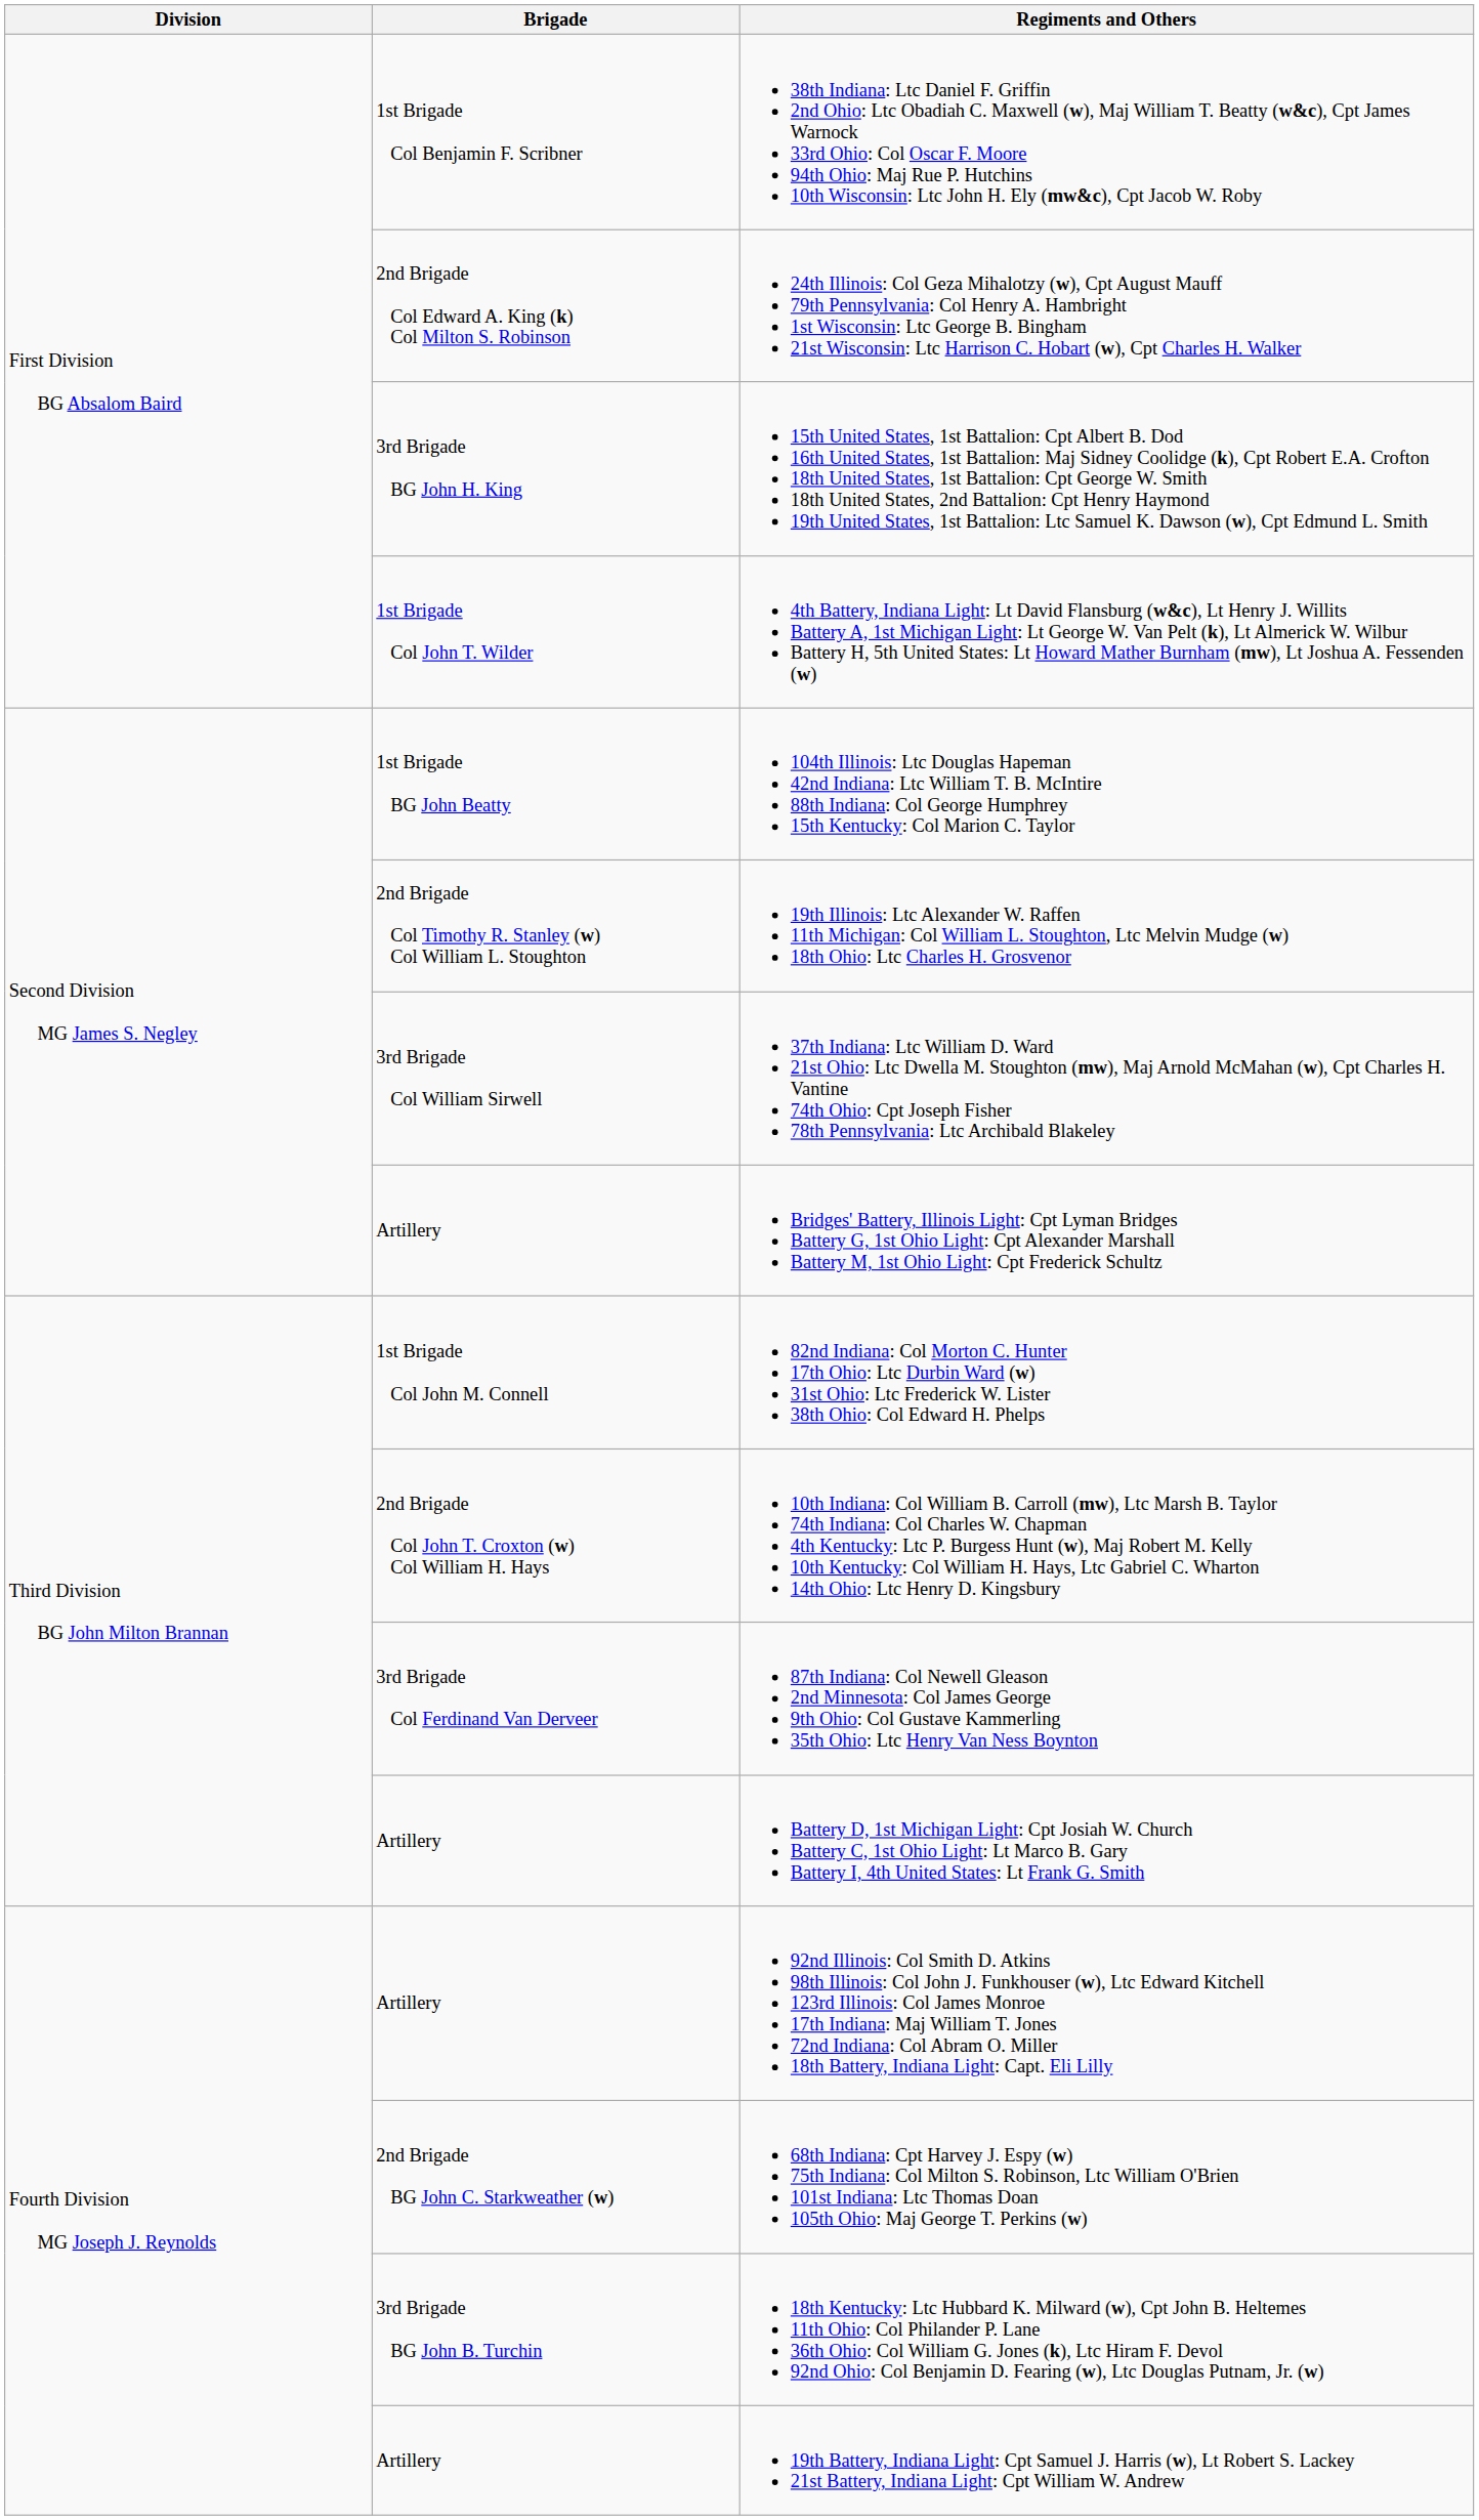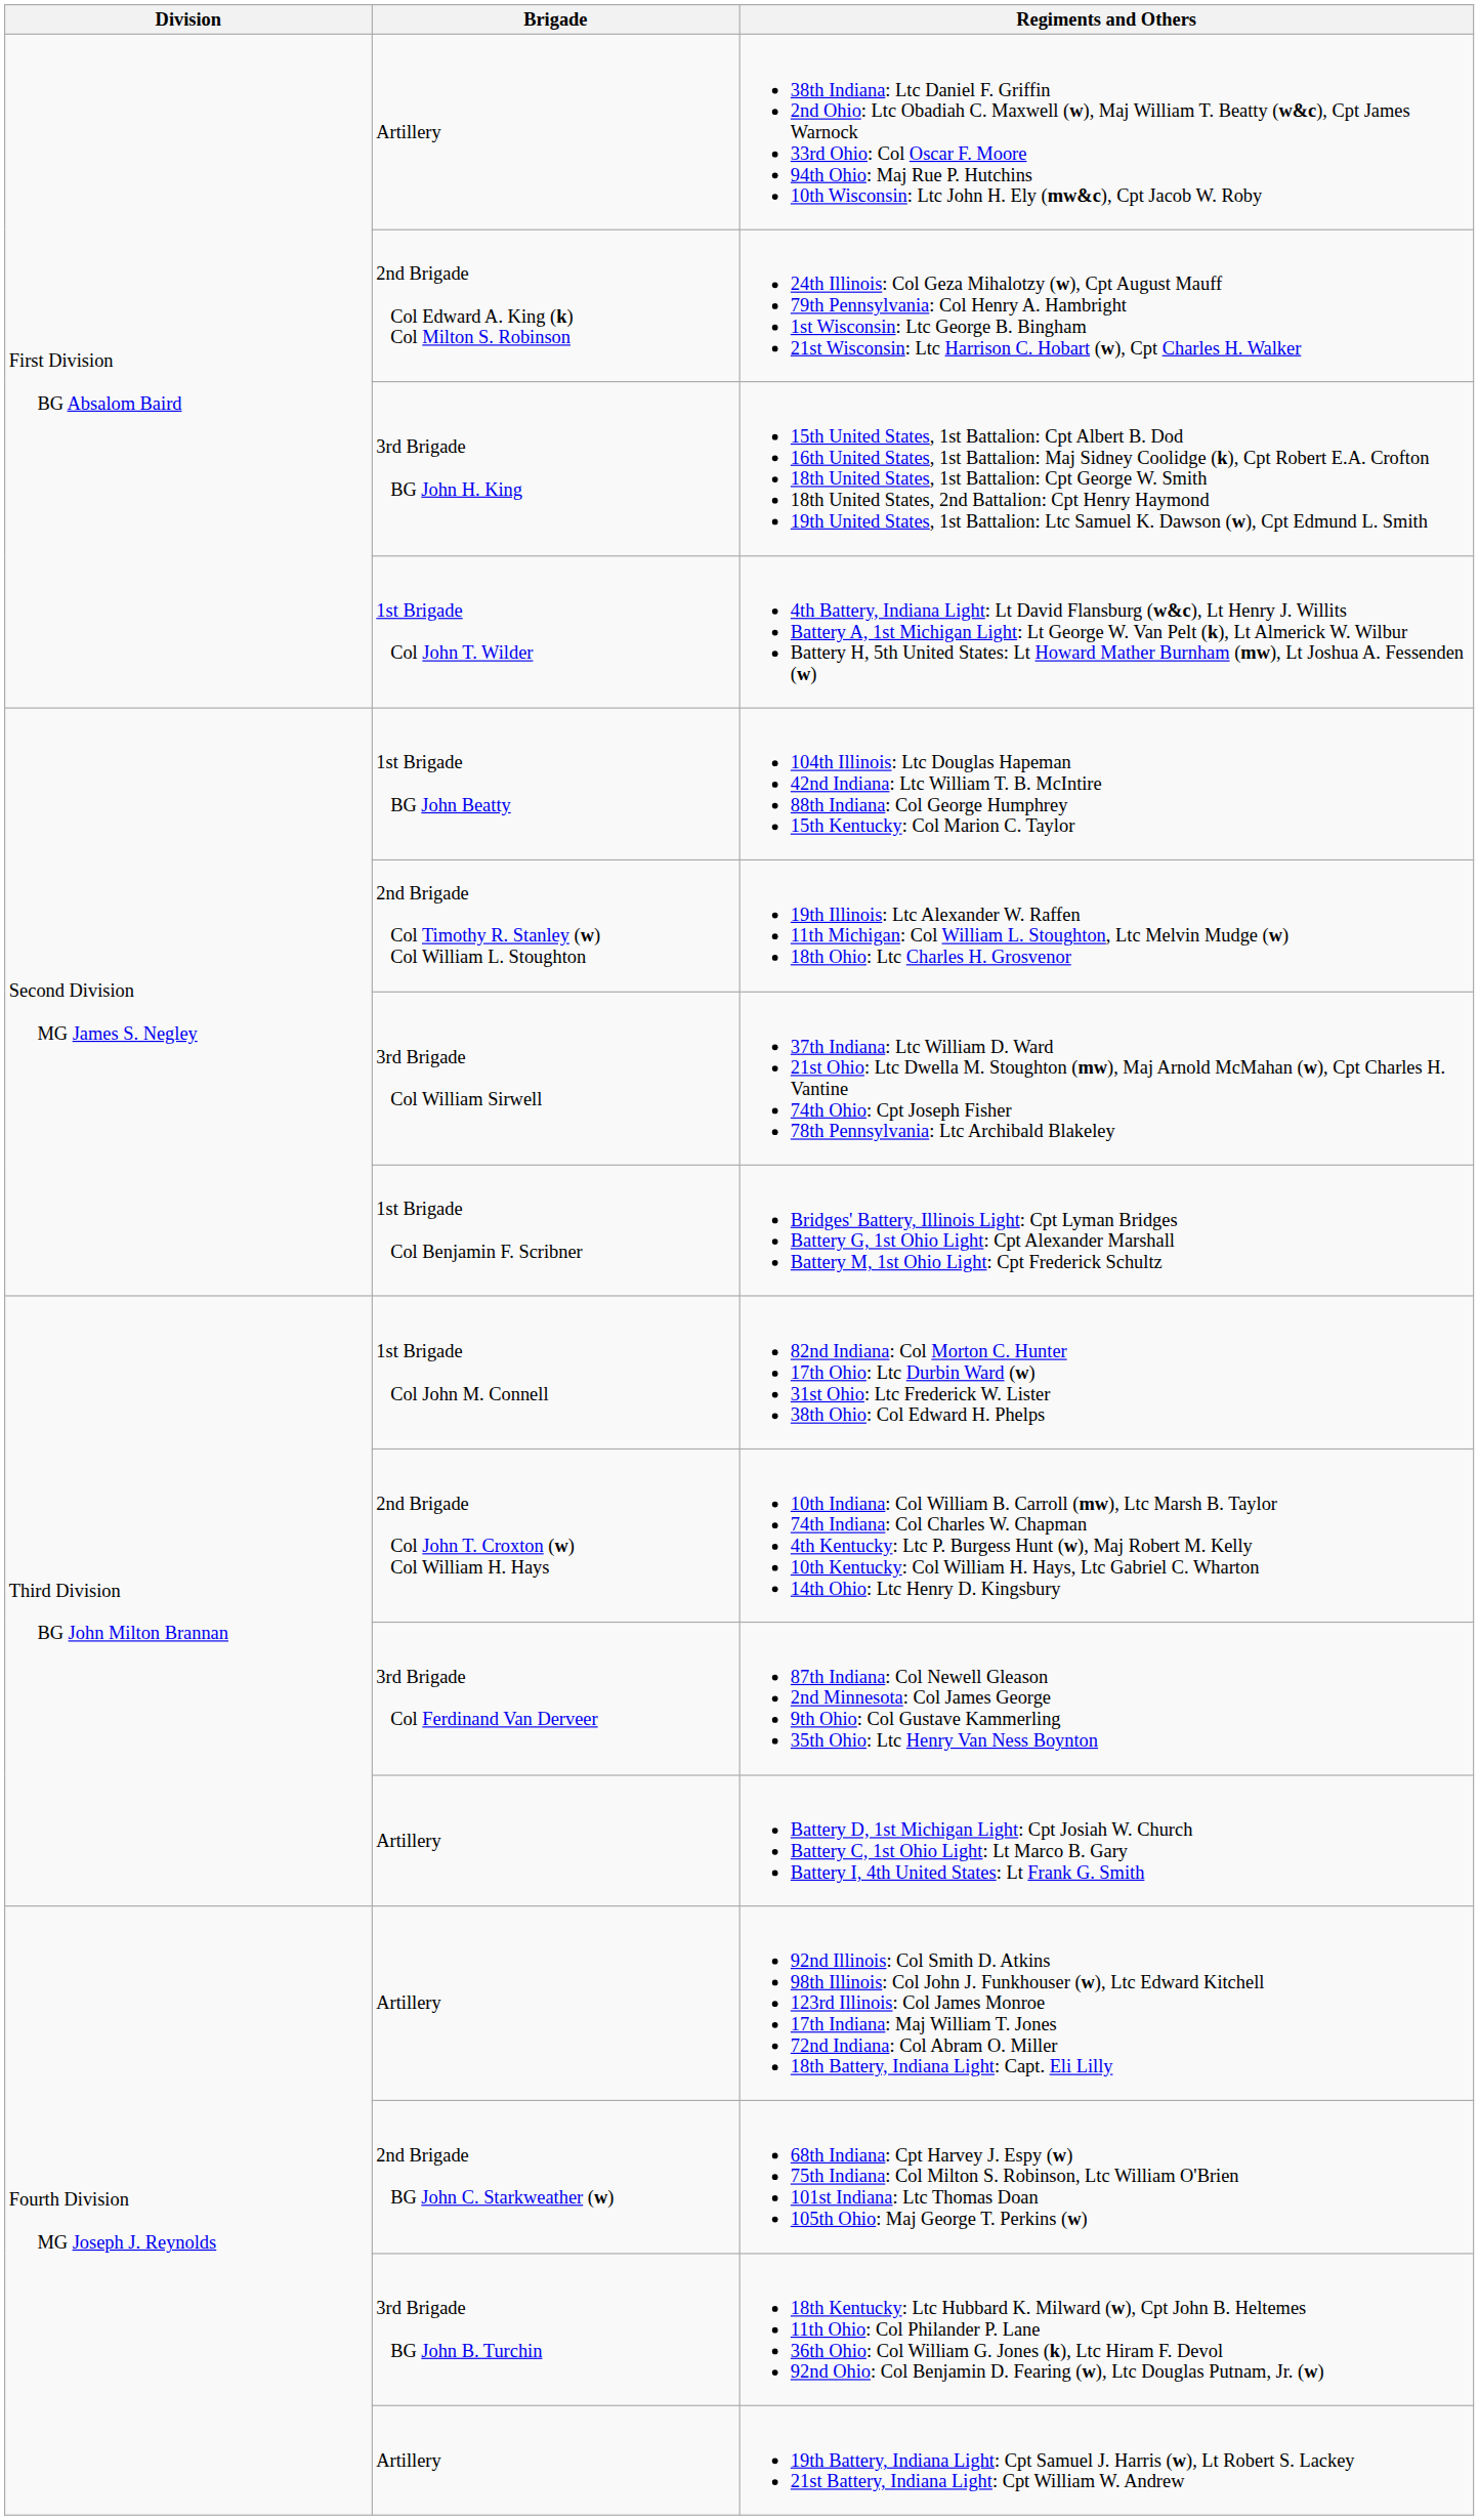 <table class="wikitable">
 <tr>
 <th width=25%>Division</th>
 <th width=25%>Brigade</th>
 <th>Regiments and Others</th>
 </tr>
 <tr>
 <td rowspan=4><br>First Division<br><br>      BG <a href='#'>Absalom Baird</a></td>
-<td>1st Brigade<br><br>   Col Benjamin F. Scribner</td>
+<td>Artillery</td>
 <td><br><ul><li><a href='#'>38th Indiana</a>: Ltc Daniel F. Griffin</li><li><a href='#'>2nd Ohio</a>: Ltc Obadiah C. Maxwell (<strong>w</strong>), Maj William T. Beatty (<strong>w&c</strong>), Cpt James Warnock</li><li><a href='#'>33rd Ohio</a>: Col <a href='#'>Oscar F. Moore</a></li><li><a href='#'>94th Ohio</a>: Maj Rue P. Hutchins</li><li><a href='#'>10th Wisconsin</a>: Ltc John H. Ely (<strong>mw&c</strong>), Cpt Jacob W. Roby</li></ul></td>
 </tr>
 <tr>
 <td>2nd Brigade<br><br>   Col Edward A. King (<strong>k</strong>) <br>   Col <a href='#'>Milton S. Robinson</a></td>
 <td><br><ul><li><a href='#'>24th Illinois</a>: Col Geza Mihalotzy (<strong>w</strong>), Cpt August Mauff</li><li><a href='#'>79th Pennsylvania</a>: Col Henry A. Hambright</li><li><a href='#'>1st Wisconsin</a>: Ltc George B. Bingham</li><li><a href='#'>21st Wisconsin</a>: Ltc <a href='#'>Harrison C. Hobart</a> (<strong>w</strong>), Cpt <a href='#'>Charles H. Walker</a></li></ul></td>
 </tr>
 <tr>
 <td>3rd Brigade<br><br>   BG <a href='#'>John H. King</a></td>
 <td><br><ul><li><a href='#'>15th United States</a>, 1st Battalion: Cpt Albert B. Dod</li><li><a href='#'>16th United States</a>, 1st Battalion: Maj Sidney Coolidge (<strong>k</strong>), Cpt Robert E.A. Crofton</li><li><a href='#'>18th United States</a>, 1st Battalion: Cpt George W. Smith</li><li>18th United States, 2nd Battalion: Cpt Henry Haymond</li><li><a href='#'>19th United States</a>, 1st Battalion: Ltc Samuel K. Dawson (<strong>w</strong>), Cpt Edmund L. Smith</li></ul></td>
 </tr>
 <tr>
 <td><a href='#'>1st Brigade</a><br><br>   Col <a href='#'>John T. Wilder</a></td>
 <td><br><ul><li><a href='#'>4th Battery, Indiana Light</a>: Lt David Flansburg (<strong>w&c</strong>), Lt Henry J. Willits</li><li><a href='#'>Battery A, 1st Michigan Light</a>: Lt George W. Van Pelt (<strong>k</strong>), Lt Almerick W. Wilbur</li><li>Battery H, 5th United States: Lt <a href='#'>Howard Mather Burnham</a> (<strong>mw</strong>), Lt Joshua A. Fessenden (<strong>w</strong>)</li></ul></td>
 </tr>
 <tr>
 <td rowspan=4><br>Second Division<br><br>      MG <a href='#'>James S. Negley</a></td>
 <td>1st Brigade<br><br>   BG <a href='#'>John Beatty</a></td>
 <td><br><ul><li><a href='#'>104th Illinois</a>: Ltc Douglas Hapeman</li><li><a href='#'>42nd Indiana</a>: Ltc William T. B. McIntire</li><li><a href='#'>88th Indiana</a>: Col George Humphrey</li><li><a href='#'>15th Kentucky</a>: Col Marion C. Taylor</li></ul></td>
 </tr>
 <tr>
 <td>2nd Brigade<br><br>   Col <a href='#'>Timothy R. Stanley</a> (<strong>w</strong>) <br>   Col William L. Stoughton</td>
 <td><br><ul><li><a href='#'>19th Illinois</a>: Ltc Alexander W. Raffen</li><li><a href='#'>11th Michigan</a>: Col <a href='#'>William L. Stoughton</a>, Ltc Melvin Mudge (<strong>w</strong>)</li><li><a href='#'>18th Ohio</a>: Ltc <a href='#'>Charles H. Grosvenor</a></li></ul></td>
 </tr>
 <tr>
 <td>3rd Brigade<br><br>   Col William Sirwell</td>
 <td><br><ul><li><a href='#'>37th Indiana</a>: Ltc William D. Ward</li><li><a href='#'>21st Ohio</a>: Ltc Dwella M. Stoughton (<strong>mw</strong>), Maj Arnold McMahan (<strong>w</strong>), Cpt Charles H. Vantine</li><li><a href='#'>74th Ohio</a>: Cpt Joseph Fisher</li><li><a href='#'>78th Pennsylvania</a>: Ltc Archibald Blakeley</li></ul></td>
 </tr>
 <tr>
-<td>Artillery</td>
+<td>1st Brigade<br><br>   Col Benjamin F. Scribner</td>
 <td><br><ul><li><a href='#'>Bridges' Battery, Illinois Light</a>: Cpt Lyman Bridges</li><li><a href='#'>Battery G, 1st Ohio Light</a>: Cpt Alexander Marshall</li><li><a href='#'>Battery M, 1st Ohio Light</a>: Cpt Frederick Schultz</li></ul></td>
 </tr>
 <tr>
 <td rowspan=4><br>Third Division<br><br>      BG <a href='#'>John Milton Brannan</a></td>
 <td>1st Brigade<br><br>   Col John M. Connell</td>
 <td><br><ul><li><a href='#'>82nd Indiana</a>: Col <a href='#'>Morton C. Hunter</a></li><li><a href='#'>17th Ohio</a>: Ltc <a href='#'>Durbin Ward</a> (<strong>w</strong>)</li><li><a href='#'>31st Ohio</a>: Ltc Frederick W. Lister</li><li><a href='#'>38th Ohio</a>: Col Edward H. Phelps</li></ul></td>
 </tr>
 <tr>
 <td>2nd Brigade<br><br>   Col <a href='#'>John T. Croxton</a> (<strong>w</strong>) <br>   Col William H. Hays</td>
 <td><br><ul><li><a href='#'>10th Indiana</a>: Col William B. Carroll (<strong>mw</strong>), Ltc Marsh B. Taylor</li><li><a href='#'>74th Indiana</a>: Col Charles W. Chapman</li><li><a href='#'>4th Kentucky</a>: Ltc P. Burgess Hunt (<strong>w</strong>), Maj Robert M. Kelly</li><li><a href='#'>10th Kentucky</a>: Col William H. Hays, Ltc Gabriel C. Wharton</li><li><a href='#'>14th Ohio</a>: Ltc Henry D. Kingsbury</li></ul></td>
 </tr>
 <tr>
 <td>3rd Brigade<br><br>   Col <a href='#'>Ferdinand Van Derveer</a></td>
 <td><br><ul><li><a href='#'>87th Indiana</a>: Col Newell Gleason</li><li><a href='#'>2nd Minnesota</a>: Col James George</li><li><a href='#'>9th Ohio</a>: Col Gustave Kammerling</li><li><a href='#'>35th Ohio</a>: Ltc <a href='#'>Henry Van Ness Boynton</a></li></ul></td>
 </tr>
 <tr>
 <td>Artillery</td>
 <td><br><ul><li><a href='#'>Battery D, 1st Michigan Light</a>: Cpt Josiah W. Church</li><li><a href='#'>Battery C, 1st Ohio Light</a>: Lt Marco B. Gary</li><li><a href='#'>Battery I, 4th United States</a>: Lt <a href='#'>Frank G. Smith</a></li></ul></td>
 </tr>
 <tr>
 <td rowspan=4><br>Fourth Division<br><br>      MG <a href='#'>Joseph J. Reynolds</a></td>
 <td>Artillery</td>
 <td><br><ul><li><a href='#'>92nd Illinois</a>: Col Smith D. Atkins</li><li><a href='#'>98th Illinois</a>: Col John J. Funkhouser (<strong>w</strong>), Ltc Edward Kitchell</li><li><a href='#'>123rd Illinois</a>: Col James Monroe</li><li><a href='#'>17th Indiana</a>: Maj William T. Jones</li><li><a href='#'>72nd Indiana</a>: Col Abram O. Miller</li><li><a href='#'>18th Battery, Indiana Light</a>: Capt. <a href='#'>Eli Lilly</a></li></ul></td>
 </tr>
 <tr>
 <td>2nd Brigade<br><br>   BG <a href='#'>John C. Starkweather</a> (<strong>w</strong>)</td>
 <td><br><ul><li><a href='#'>68th Indiana</a>: Cpt Harvey J. Espy (<strong>w</strong>)</li><li><a href='#'>75th Indiana</a>: Col Milton S. Robinson, Ltc William O'Brien</li><li><a href='#'>101st Indiana</a>: Ltc Thomas Doan</li><li><a href='#'>105th Ohio</a>: Maj George T. Perkins (<strong>w</strong>)</li></ul></td>
 </tr>
 <tr>
 <td>3rd Brigade<br><br>   BG <a href='#'>John B. Turchin</a></td>
 <td><br><ul><li><a href='#'>18th Kentucky</a>: Ltc Hubbard K. Milward (<strong>w</strong>), Cpt John B. Heltemes</li><li><a href='#'>11th Ohio</a>: Col Philander P. Lane</li><li><a href='#'>36th Ohio</a>: Col William G. Jones (<strong>k</strong>), Ltc Hiram F. Devol</li><li><a href='#'>92nd Ohio</a>: Col Benjamin D. Fearing (<strong>w</strong>), Ltc Douglas Putnam, Jr. (<strong>w</strong>)</li></ul></td>
 </tr>
 <tr>
 <td>Artillery</td>
 <td><br><ul><li><a href='#'>19th Battery, Indiana Light</a>: Cpt Samuel J. Harris (<strong>w</strong>), Lt Robert S. Lackey</li><li><a href='#'>21st Battery, Indiana Light</a>: Cpt William W. Andrew</li></ul></td>
 </tr>
 </table>
